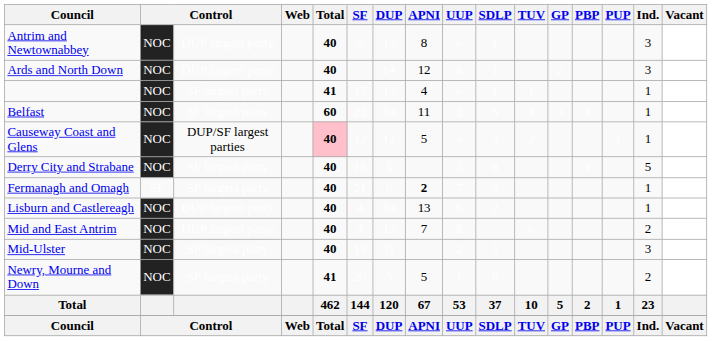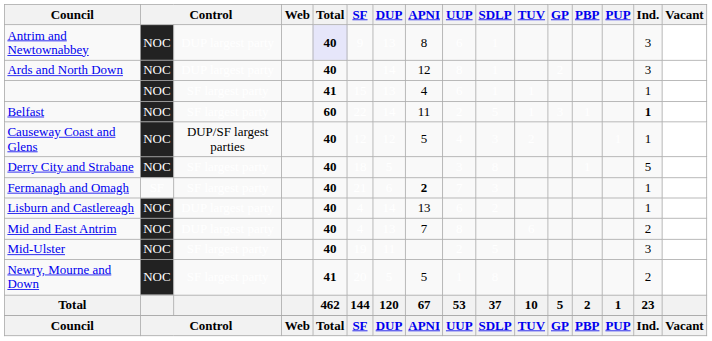 <table class="wikitable sortable" style="text-align:center;border:0px">
 <tr>
 <th>Council</th>
 <th colspan=2>Control</th>
 <th>Web</th>
 <th>Total</th>
 <th><a href='#'>SF</a></th>
 <th><a href='#'>DUP</a></th>
 <th><a href='#'>APNI</a></th>
 <th><a href='#'>UUP</a></th>
 <th><a href='#'>SDLP</a></th>
 <th><a href='#'>TUV</a></th>
 <th><a href='#'>GP</a></th>
 <th><a href='#'>PBP</a></th>
 <th><a href='#'>PUP</a></th>
 <th>Ind.</th>
 <th>Vacant</th>
 </tr>
 <tr>
 <td style="background:default; text-align:left"><a href='#'>Antrim and Newtownabbey</a></td>
 <td style="color:white; background:#222222;">NOC</td>
 <td style="color:white; background:">DUP largest party</td>
 <td></td>
-<td><strong>40</strong></td>
+<td style="background: lavender;"><strong>40</strong></td>
 <td style="color:white;background:">9</td>
 <td style="color:white;background:">13</td>
 <td style="background:">8</td>
 <td style="color:white;background:">6</td>
 <td style="color:white;background:">1</td>
 <td style="color:white;background:"></td>
 <td style="color:white;background:"></td>
 <td style="color:white;background:"></td>
 <td style="color:white;background:"></td>
 <td style="background:">3</td>
 <td style="background:white;"></td>
 </tr>
 <tr>
 <td style="background:default; text-align:left"><a href='#'>Ards and North Down</a></td>
 <td style="color:white;background:#222222;">NOC</td>
 <td style="color:white;background:">DUP largest party</td>
 <td></td>
 <td><strong>40</strong></td>
 <td style="color:white;background:"></td>
 <td style="color:white;background:">14</td>
 <td style="background:">12</td>
 <td style="color:white;background:">8</td>
 <td style="color:white;background:">1</td>
 <td style="color:white;background:"></td>
 <td style="color:white;background:">2</td>
 <td style="color:white;background:"></td>
 <td style="color:white;background:"></td>
 <td style="background:">3</td>
 <td style="background:white;"></td>
 </tr>
 <tr>
 <td style="background:default; text-align:left"></td>
 <td style="color:white;background:#222222;">NOC</td>
 <td style="color:white;background:">SF largest party</td>
 <td></td>
 <td><strong>41</strong></td>
 <td style="color:white;background:">15</td>
 <td style="color:white;background:">13</td>
 <td style="background:">4</td>
 <td style="color:white;background:">6</td>
 <td style="color:white;background:">1</td>
 <td style="color:white;background:">1</td>
 <td style="color:white;background:"></td>
 <td style="color:white;background:"></td>
 <td style="color:white;background:"></td>
 <td style="background:">1</td>
 <td style="background:white;"></td>
 </tr>
 <tr>
 <td style="background:default; text-align:left"><a href='#'>Belfast</a></td>
 <td style="color:white; background:#222222;">NOC</td>
 <td style="color:white; background:">SF largest party</td>
 <td></td>
 <td><strong>60</strong></td>
 <td style="color:white;background:">22</td>
 <td style="color:white;background:">14</td>
 <td style="background:">11</td>
 <td style="color:white;background:">2</td>
 <td style="color:white;background:">5</td>
 <td style="color:white;background:">1</td>
 <td style="color:white;background:">3</td>
 <td style="color:white;background:">1</td>
 <td style="color:white;background:"></td>
-<td style="background:">1</td>
+<td style="background:"><strong>1</strong></td>
 <td style="background:white;"></td>
 </tr>
 <tr>
 <td style="background:default; text-align:left"><a href='#'>Causeway Coast and Glens</a></td>
 <td style="color:white;background:#222222;">NOC</td>
 <td style="background:">DUP/SF largest parties</td>
 <td></td>
-<td style="background: pink;"><strong>40</strong></td>
+<td><strong>40</strong></td>
 <td style="color:white;background:">12</td>
 <td style="color:white;background:">12</td>
 <td style="background:">5</td>
 <td style="color:white;background:">4</td>
 <td style="color:white;background:">3</td>
 <td style="color:white;background:">2</td>
 <td style="color:white;background:"></td>
 <td style="color:white;background:"></td>
 <td style="color:white;background:">1</td>
 <td style="background:">1</td>
 <td style="background:white;"></td>
 </tr>
 <tr>
 <td style="background:default; text-align:left"><a href='#'>Derry City and Strabane</a></td>
 <td style="color:white; background:#222222;">NOC</td>
 <td style="color:white; background:">SF largest party</td>
 <td></td>
 <td><strong>40</strong></td>
 <td style="color:white;background:">18</td>
 <td style="color:white;background:">5</td>
 <td style="background:"></td>
 <td style="color:white;background:">3</td>
 <td style="color:white;background:">8</td>
 <td style="color:white;background:"></td>
 <td style="color:white;background:"></td>
 <td style="color:white;background:">1</td>
 <td style="color:white;background:"></td>
 <td style="background:">5</td>
 <td style="background:white;"></td>
 </tr>
 <tr>
 <td style="background:default; text-align:left"><a href='#'>Fermanagh and Omagh</a></td>
 <td style="color:white; background:">SF</td>
 <td style="color:white; background:">SF largest party</td>
 <td></td>
 <td><strong>40</strong></td>
 <td style="color:white;background:">21</td>
 <td style="color:white;background:">6</td>
 <td style="background:"><strong>2</strong></td>
 <td style="color:white;background:">7</td>
 <td style="color:white;background:">3</td>
 <td style="color:white;background:"></td>
 <td style="color:white;background:"></td>
 <td style="color:white;background:"></td>
 <td style="color:white;background:"></td>
 <td style="background:">1</td>
 <td style="background:white;"></td>
 </tr>
 <tr>
 <td style="background:default; text-align:left"><a href='#'>Lisburn and Castlereagh</a></td>
 <td style="color:white; background:#222222;">NOC</td>
 <td style="color:white; background:">DUP largest party</td>
 <td></td>
 <td><strong>40</strong></td>
 <td style="color:white;background:">4</td>
 <td style="color:white;background:">14</td>
 <td style="background:">13</td>
 <td style="color:white;background:">6</td>
 <td style="color:white;background:">2</td>
 <td style="color:white;background:"></td>
 <td style="color:white;background:"></td>
 <td style="color:white;background:"></td>
 <td style="color:white;background:"></td>
 <td style="background:">1</td>
 <td style="background:white;"></td>
 </tr>
 <tr>
 <td style="background:default; text-align:left"><a href='#'>Mid and East Antrim</a></td>
 <td style="color:white; background:#222222;">NOC</td>
 <td style="color:white;background:">DUP largest party</td>
 <td></td>
 <td><strong>40</strong></td>
 <td style="color:white;background:">4</td>
 <td style="color:white;background:">13</td>
 <td style="background:">7</td>
 <td style="color:white;background:">8</td>
 <td style="color:white;background:"></td>
 <td style="color:white;background:">6</td>
 <td style="color:white;background:"></td>
 <td style="color:white;background:"></td>
 <td style="color:white;background:"></td>
 <td style="background:">2</td>
 <td style="background:white;"></td>
 </tr>
 <tr>
 <td style="background:default; text-align:left"><a href='#'>Mid-Ulster</a></td>
 <td style="color:white; background:#222222;">NOC</td>
 <td style="color:white; background:">SF largest party</td>
 <td></td>
 <td><strong>40</strong></td>
 <td style="color:white;background:">19</td>
 <td style="color:white;background:">11</td>
 <td style="background:"></td>
 <td style="color:white;background:">2</td>
 <td style="color:white;background:">5</td>
 <td style="color:white;background:"></td>
 <td style="color:white;background:"></td>
 <td style="color:white;background:"></td>
 <td style="color:white;background:"></td>
 <td style="background:">3</td>
 <td style="background:white;"></td>
 </tr>
 <tr>
 <td style="background:default; text-align:left"><a href='#'>Newry, Mourne and Down</a></td>
 <td style="color:white; background:#222222;">NOC</td>
 <td style="color:white; background:">SF largest party</td>
 <td></td>
 <td><strong>41</strong></td>
 <td style="color:white;background:">20</td>
 <td style="color:white;background:">5</td>
 <td style="background:">5</td>
 <td style="color:white;background:">1</td>
 <td style="color:white;background:">8</td>
 <td style="color:white;background:"></td>
 <td style="color:white;background:"></td>
 <td style="color:white;background:"></td>
 <td style="color:white;background:"></td>
 <td style="background:">2</td>
 <td style="background:white;"></td>
 </tr>
 <tr>
 <th>Total</th>
 <th></th>
 <th></th>
 <th></th>
 <th>462</th>
 <th>144</th>
 <th>120</th>
 <th>67</th>
 <th>53</th>
 <th>37</th>
 <th>10</th>
 <th>5</th>
 <th>2</th>
 <th>1</th>
 <th>23</th>
 <th></th>
 </tr>
 <tr>
 </tr>
 <tr>
 <th>Council</th>
 <th colspan=2>Control</th>
 <th>Web</th>
 <th>Total</th>
 <th><a href='#'>SF</a></th>
 <th><a href='#'>DUP</a></th>
 <th><a href='#'>APNI</a></th>
 <th><a href='#'>UUP</a></th>
 <th><a href='#'>SDLP</a></th>
 <th><a href='#'>TUV</a></th>
 <th><a href='#'>GP</a></th>
 <th><a href='#'>PBP</a></th>
 <th><a href='#'>PUP</a></th>
 <th>Ind.</th>
 <th>Vacant</th>
 </tr>
 </table>
